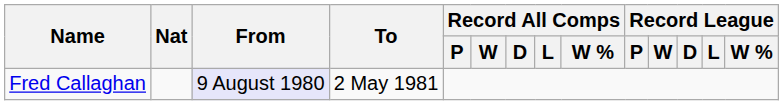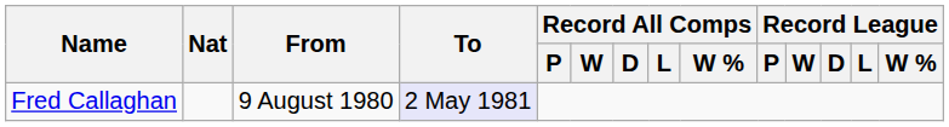 <table style="text-align: center" class="wikitable">
 <tr>
 <th rowspan="2">Name</th>
 <th rowspan="2">Nat</th>
 <th rowspan="2">From</th>
 <th rowspan="2">To</th>
 <th colspan="5">Record All Comps</th>
 <th colspan="5">Record League</th>
 </tr>
 <tr>
 <th>P</th>
 <th>W</th>
 <th>D</th>
 <th>L</th>
 <th>W %</th>
 <th>P</th>
 <th>W</th>
 <th>D</th>
 <th>L</th>
 <th>W %</th>
 </tr>
 <tr>
 <td style="text-align:left;"><a href='#'>Fred Callaghan</a></td>
 <td></td>
-<td style="background: lavender; text-align:left;">9 August 1980</td>
-<td style="text-align:left;">2 May 1981<br> </td>
+<td style="text-align:left;">9 August 1980</td>
+<td style="background: lavender; text-align:left;">2 May 1981<br> </td>
 </tr>
 </table>
